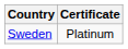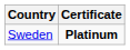 <table class="wikitable sortable" style="text-align:left;">
 <tr>
 <th width="">Country</th>
 <th align="center" width="">Certificate</th>
 </tr>
 <tr>
 <td><a href='#'>Sweden</a></td>
-<td align="center">Platinum</td>
+<td align="center"><strong>Platinum</strong></td>
 </tr>
 </table>
